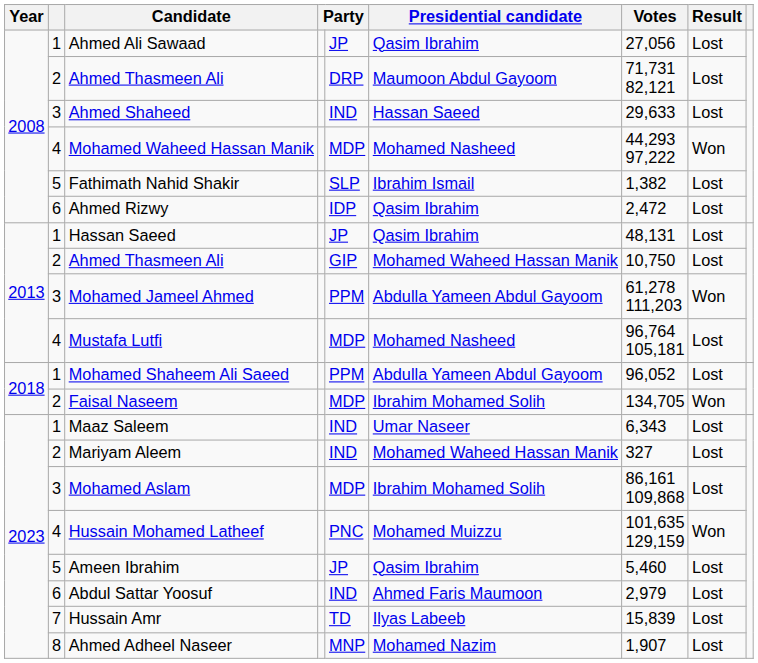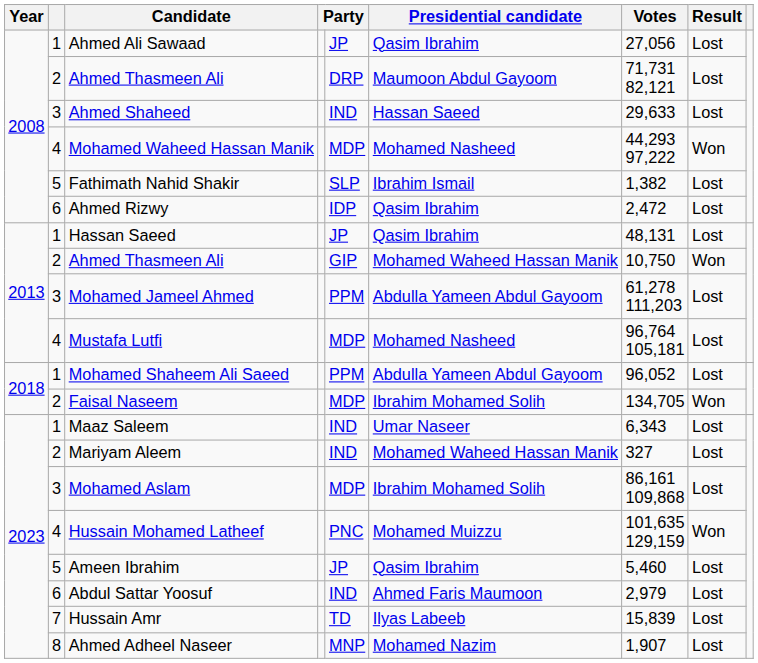 <table class="wikitable">
 <tr>
 <th>Year</th>
 <th></th>
 <th>Candidate</th>
 <th colspan="2">Party</th>
 <th><a href='#'>Presidential candidate</a></th>
 <th>Votes</th>
 <th>Result</th>
 <th></th>
 </tr>
 <tr>
 <td rowspan="6"><a href='#'>2008</a></td>
 <td>1</td>
 <td>Ahmed Ali Sawaad</td>
 <td ! style="background:"></td>
 <td><a href='#'>JP</a></td>
 <td><a href='#'>Qasim Ibrahim</a></td>
 <td>27,056</td>
 <td>Lost</td>
 <td rowspan="6"></td>
 </tr>
 <tr>
 <td>2</td>
 <td><a href='#'>Ahmed Thasmeen Ali</a></td>
 <td ! style="background:"></td>
 <td><a href='#'>DRP</a></td>
 <td><a href='#'>Maumoon Abdul Gayoom</a></td>
 <td>71,731<br>82,121 </td>
 <td>Lost</td>
 </tr>
 <tr>
 <td>3</td>
 <td><a href='#'>Ahmed Shaheed</a></td>
 <td ! style="background:"></td>
 <td><a href='#'>IND</a></td>
 <td><a href='#'>Hassan Saeed</a></td>
 <td>29,633</td>
 <td>Lost</td>
 </tr>
 <tr>
 <td>4</td>
 <td><a href='#'>Mohamed Waheed Hassan Manik</a></td>
 <td ! style="background:"></td>
 <td><a href='#'>MDP</a></td>
 <td><a href='#'>Mohamed Nasheed</a></td>
 <td>44,293<br>97,222 </td>
 <td>Won</td>
 </tr>
 <tr>
 <td>5</td>
 <td>Fathimath Nahid Shakir</td>
 <td ! style="background:"></td>
 <td><a href='#'>SLP</a></td>
 <td><a href='#'>Ibrahim Ismail</a></td>
 <td>1,382</td>
 <td>Lost</td>
 </tr>
 <tr>
 <td>6</td>
 <td>Ahmed Rizwy</td>
 <td ! style="background:"></td>
 <td><a href='#'>IDP</a></td>
 <td><a href='#'>Qasim Ibrahim</a></td>
 <td>2,472</td>
 <td>Lost</td>
 </tr>
 <tr>
 <td rowspan="4"><a href='#'>2013</a></td>
 <td>1</td>
 <td>Hassan Saeed</td>
 <td ! style="background:"></td>
 <td><a href='#'>JP</a></td>
 <td><a href='#'>Qasim Ibrahim</a></td>
 <td>48,131</td>
 <td>Lost</td>
 <td rowspan="4"></td>
 </tr>
 <tr>
 <td>2</td>
 <td><a href='#'>Ahmed Thasmeen Ali</a></td>
 <td ! style="background:"></td>
 <td><a href='#'>GIP</a></td>
 <td><a href='#'>Mohamed Waheed Hassan Manik</a></td>
 <td>10,750</td>
-<td>Lost</td>
+<td>Won</td>
 </tr>
 <tr>
 <td>3</td>
 <td><a href='#'>Mohamed Jameel Ahmed</a></td>
 <td ! style="background:"></td>
 <td><a href='#'>PPM</a></td>
 <td><a href='#'>Abdulla Yameen Abdul Gayoom</a></td>
 <td>61,278<br>111,203 </td>
-<td>Won</td>
+<td>Lost</td>
 </tr>
 <tr>
 <td>4</td>
 <td><a href='#'>Mustafa Lutfi</a></td>
 <td ! style="background:"></td>
 <td><a href='#'>MDP</a></td>
 <td><a href='#'>Mohamed Nasheed</a></td>
 <td>96,764<br>105,181 </td>
 <td>Lost</td>
 </tr>
 <tr>
 <td rowspan="2"><a href='#'>2018</a></td>
 <td>1</td>
 <td><a href='#'>Mohamed Shaheem Ali Saeed</a></td>
 <td ! style="background:"></td>
 <td><a href='#'>PPM</a></td>
 <td><a href='#'>Abdulla Yameen Abdul Gayoom</a></td>
 <td>96,052</td>
 <td>Lost</td>
 <td rowspan="2"></td>
 </tr>
 <tr>
 <td>2</td>
 <td><a href='#'>Faisal Naseem</a></td>
 <td ! style="background:"></td>
 <td><a href='#'>MDP</a></td>
 <td><a href='#'>Ibrahim Mohamed Solih</a></td>
 <td>134,705</td>
 <td>Won</td>
 </tr>
 <tr>
 <td rowspan="8"><a href='#'>2023</a></td>
 <td>1</td>
 <td>Maaz Saleem</td>
 <td ! style="background:"></td>
 <td><a href='#'>IND</a></td>
 <td><a href='#'>Umar Naseer</a></td>
 <td>6,343</td>
 <td>Lost</td>
 <td rowspan="8"></td>
 </tr>
 <tr>
 <td>2</td>
 <td>Mariyam Aleem</td>
 <td ! style="background:"></td>
 <td><a href='#'>IND</a></td>
 <td><a href='#'>Mohamed Waheed Hassan Manik</a></td>
 <td>327</td>
 <td>Lost</td>
 </tr>
 <tr>
 <td>3</td>
 <td><a href='#'>Mohamed Aslam</a></td>
 <td ! style="background:"></td>
 <td><a href='#'>MDP</a></td>
 <td><a href='#'>Ibrahim Mohamed Solih</a></td>
 <td>86,161<br>109,868 </td>
 <td>Lost</td>
 </tr>
 <tr>
 <td>4</td>
 <td><a href='#'>Hussain Mohamed Latheef</a></td>
 <td ! style="background:"></td>
 <td><a href='#'>PNC</a></td>
 <td><a href='#'>Mohamed Muizzu</a></td>
 <td>101,635<br>129,159 </td>
 <td>Won</td>
 </tr>
 <tr>
 <td>5</td>
 <td>Ameen Ibrahim</td>
 <td ! style="background:"></td>
 <td><a href='#'>JP</a></td>
 <td><a href='#'>Qasim Ibrahim</a></td>
 <td>5,460</td>
 <td>Lost</td>
 </tr>
 <tr>
 <td>6</td>
 <td>Abdul Sattar Yoosuf</td>
 <td ! style="background:"></td>
 <td><a href='#'>IND</a></td>
 <td><a href='#'>Ahmed Faris Maumoon</a></td>
 <td>2,979</td>
 <td>Lost</td>
 </tr>
 <tr>
 <td>7</td>
 <td>Hussain Amr</td>
 <td ! style="background:"></td>
 <td><a href='#'>TD</a></td>
 <td><a href='#'>Ilyas Labeeb</a></td>
 <td>15,839</td>
 <td>Lost</td>
 </tr>
 <tr>
 <td>8</td>
 <td>Ahmed Adheel Naseer</td>
 <td ! style="background:"></td>
 <td><a href='#'>MNP</a></td>
 <td><a href='#'>Mohamed Nazim</a></td>
 <td>1,907</td>
 <td>Lost</td>
 </tr>
 </table>
